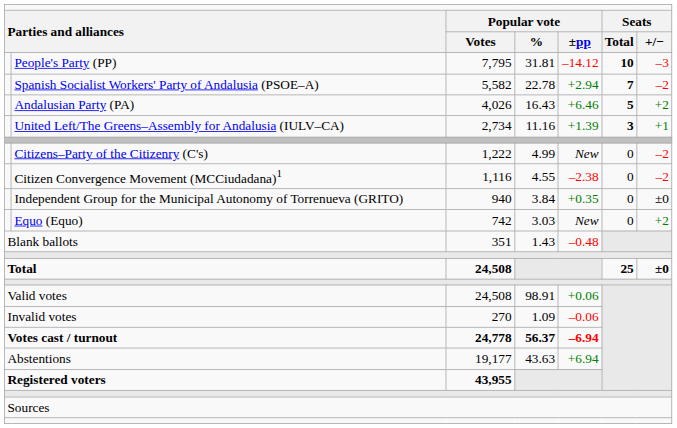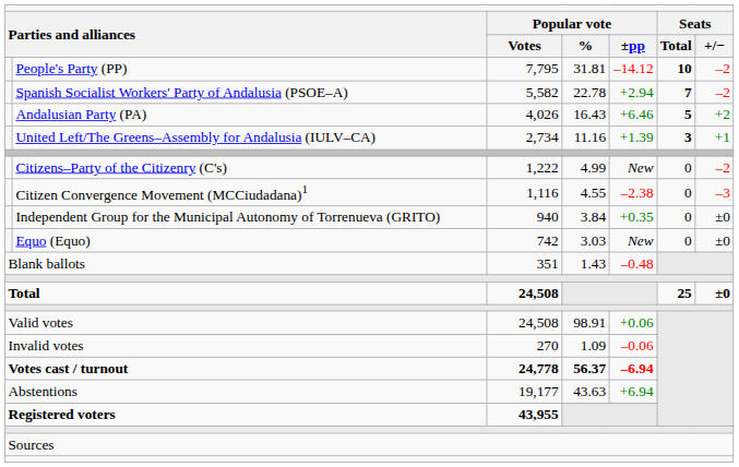 <table class="wikitable" style="text-align:right;">
 <tr>
 <td colspan="7"></td>
 </tr>
 <tr>
 <th style="text-align:left;" rowspan="2" colspan="2" width="525">Parties and alliances</th>
 <th colspan="3">Popular vote</th>
 <th colspan="2">Seats</th>
 </tr>
 <tr>
 <th width="75">Votes</th>
 <th width="45">%</th>
 <th width="45">±<a href='#'>pp</a></th>
 <th width="35">Total</th>
 <th width="35">+/−</th>
 </tr>
 <tr>
 <td width="1" style="color:inherit;background:"></td>
 <td align="left"><a href='#'>People's Party</a> (PP)</td>
 <td>7,795</td>
 <td>31.81</td>
 <td style="color:red;">–14.12</td>
 <td><strong>10</strong></td>
-<td style="color:red;">–3</td>
+<td style="color:red;">–2</td>
 </tr>
 <tr>
 <td style="color:inherit;background:"></td>
 <td align="left"><a href='#'>Spanish Socialist Workers' Party of Andalusia</a> (PSOE–A)</td>
 <td>5,582</td>
 <td>22.78</td>
 <td style="color:green;">+2.94</td>
 <td><strong>7</strong></td>
 <td style="color:red;">–2</td>
 </tr>
 <tr>
 <td style="color:inherit;background:"></td>
 <td align="left"><a href='#'>Andalusian Party</a> (PA)</td>
 <td>4,026</td>
 <td>16.43</td>
 <td style="color:green;">+6.46</td>
 <td><strong>5</strong></td>
 <td style="color:green;">+2</td>
 </tr>
 <tr>
 <td style="color:inherit;background:"></td>
 <td align="left"><a href='#'>United Left/The Greens–Assembly for Andalusia</a> (IULV–CA)</td>
 <td>2,734</td>
 <td>11.16</td>
 <td style="color:green;">+1.39</td>
 <td><strong>3</strong></td>
 <td style="color:green;">+1</td>
 </tr>
 <tr>
 <td colspan="7" bgcolor="#C0C0C0"></td>
 </tr>
 <tr>
 <td style="color:inherit;background:"></td>
 <td align="left"><a href='#'>Citizens–Party of the Citizenry</a> (C's)</td>
 <td>1,222</td>
 <td>4.99</td>
 <td><em>New</em></td>
 <td>0</td>
 <td style="color:red;">–2</td>
 </tr>
 <tr>
 <td style="color:inherit;background:"></td>
 <td align="left">Citizen Convergence Movement (MCCiudadana)<sup>1</sup></td>
 <td>1,116</td>
 <td>4.55</td>
 <td style="color:red;">–2.38</td>
 <td>0</td>
-<td style="color:red;">–2</td>
+<td style="color:red;">–3</td>
 </tr>
 <tr>
 <td style="color:inherit;background:"></td>
 <td align="left">Independent Group for the Municipal Autonomy of Torrenueva (GRITO)</td>
 <td>940</td>
 <td>3.84</td>
 <td style="color:green;">+0.35</td>
 <td>0</td>
 <td>±0</td>
 </tr>
 <tr>
 <td style="color:inherit;background:"></td>
 <td align="left"><a href='#'>Equo</a> (Equo)</td>
 <td>742</td>
 <td>3.03</td>
 <td><em>New</em></td>
 <td>0</td>
-<td style="color:green;">+2</td>
+<td>±0</td>
 </tr>
 <tr>
 <td align="left" colspan="2">Blank ballots</td>
 <td>351</td>
 <td>1.43</td>
 <td style="color:red;">–0.48</td>
 <td bgcolor="#E9E9E9" colspan="2"></td>
 </tr>
 <tr>
 <td colspan="7" bgcolor="#E9E9E9"></td>
 </tr>
 <tr style="font-weight:bold;">
 <td align="left" colspan="2">Total</td>
 <td>24,508</td>
 <td bgcolor="#E9E9E9" colspan="2"></td>
 <td>25</td>
 <td>±0</td>
 </tr>
 <tr>
 <td colspan="7" bgcolor="#E9E9E9"></td>
 </tr>
 <tr>
 <td align="left" colspan="2">Valid votes</td>
 <td>24,508</td>
 <td>98.91</td>
 <td style="color:green;">+0.06</td>
 <td bgcolor="#E9E9E9" colspan="2" rowspan="5"></td>
 </tr>
 <tr>
 <td align="left" colspan="2">Invalid votes</td>
 <td>270</td>
 <td>1.09</td>
 <td style="color:red;">–0.06</td>
 </tr>
 <tr style="font-weight:bold;">
 <td align="left" colspan="2">Votes cast / turnout</td>
 <td>24,778</td>
 <td>56.37</td>
 <td style="color:red;">–6.94</td>
 </tr>
 <tr>
 <td align="left" colspan="2">Abstentions</td>
 <td>19,177</td>
 <td>43.63</td>
 <td style="color:green;">+6.94</td>
 </tr>
 <tr style="font-weight:bold;">
 <td align="left" colspan="2">Registered voters</td>
 <td>43,955</td>
 <td bgcolor="#E9E9E9" colspan="2"></td>
 </tr>
 <tr>
 <td colspan="7" bgcolor="#E9E9E9"></td>
 </tr>
 <tr>
 <td align="left" colspan="7">Sources</td>
 </tr>
 <tr>
 <td colspan="7" style="text-align:left; max-width:790px;"></td>
 </tr>
 </table>
